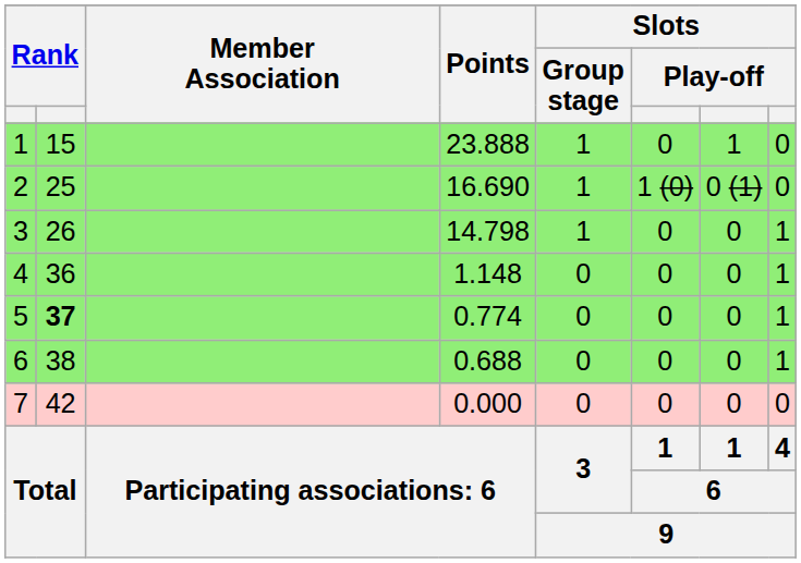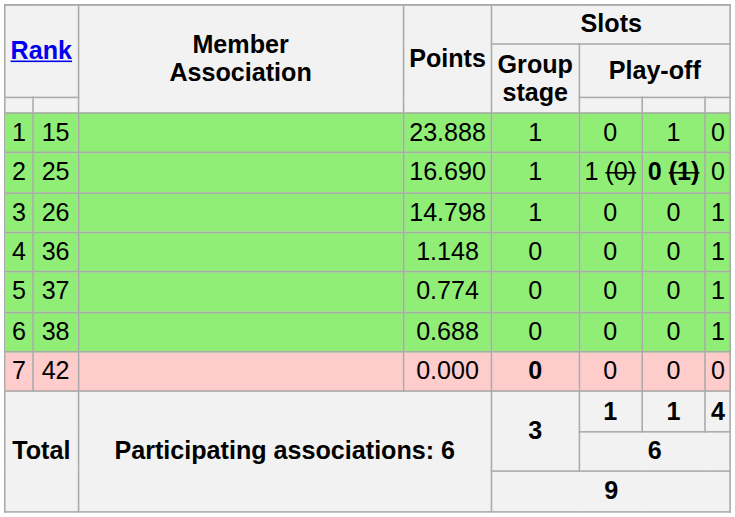 <table class="wikitable" style="text-align:center">
 <tr>
 </tr>
 <tr>
 <th colspan=2 rowspan=2><a href='#'>Rank</a></th>
 <th rowspan=3 width=200>Member<br>Association</th>
 <th rowspan=3>Points</th>
 <th colspan=5>Slots</th>
 </tr>
 <tr>
 <th rowspan=2>Group<br>stage</th>
 <th colspan=4>Play-off</th>
 </tr>
 <tr>
 <th></th>
 <th></th>
 <th></th>
 <th></th>
 <th></th>
 </tr>
 <tr bgcolor=#90ee77>
 <td>1</td>
 <td>15</td>
 <td align=left></td>
 <td>23.888</td>
 <td>1</td>
 <td>0</td>
 <td>1</td>
 <td>0</td>
 </tr>
 <tr bgcolor=#90ee77>
 <td>2</td>
 <td>25</td>
 <td align=left></td>
 <td>16.690</td>
 <td>1</td>
 <td>1 <s>(0)</s></td>
-<td>0 <s>(1)</s></td>
+<td><strong>0 <s>(1)</s></strong></td>
 <td>0</td>
 </tr>
 <tr bgcolor=#90ee77>
 <td>3</td>
 <td>26</td>
 <td align=left></td>
 <td>14.798</td>
 <td>1</td>
 <td>0</td>
 <td>0</td>
 <td>1</td>
 </tr>
 <tr bgcolor=#90ee77>
 <td>4</td>
 <td>36</td>
 <td align=left></td>
 <td>1.148</td>
 <td>0</td>
 <td>0</td>
 <td>0</td>
 <td>1</td>
 </tr>
 <tr bgcolor=#90ee77>
 <td>5</td>
-<td><strong>37</strong></td>
+<td>37</td>
 <td align=left></td>
 <td>0.774</td>
 <td>0</td>
 <td>0</td>
 <td>0</td>
 <td>1</td>
 </tr>
 <tr bgcolor=#90ee77>
 <td>6</td>
 <td>38</td>
 <td align=left></td>
 <td>0.688</td>
 <td>0</td>
 <td>0</td>
 <td>0</td>
 <td>1</td>
 </tr>
 <tr bgcolor=#ffcccc>
 <td>7</td>
 <td>42</td>
 <td align=left></td>
 <td>0.000</td>
-<td>0</td>
+<td><strong>0</strong></td>
 <td>0</td>
 <td>0</td>
 <td>0</td>
 </tr>
 <tr>
 <th colspan=2 rowspan=3>Total</th>
 <th colspan=2 rowspan=3>Participating associations: 6</th>
 <th rowspan=2>3</th>
 <th>1</th>
 <th>1</th>
 <th>4</th>
 </tr>
 <tr>
 <th colspan=3>6</th>
 </tr>
 <tr>
 <th colspan=4>9</th>
 </tr>
 </table>
